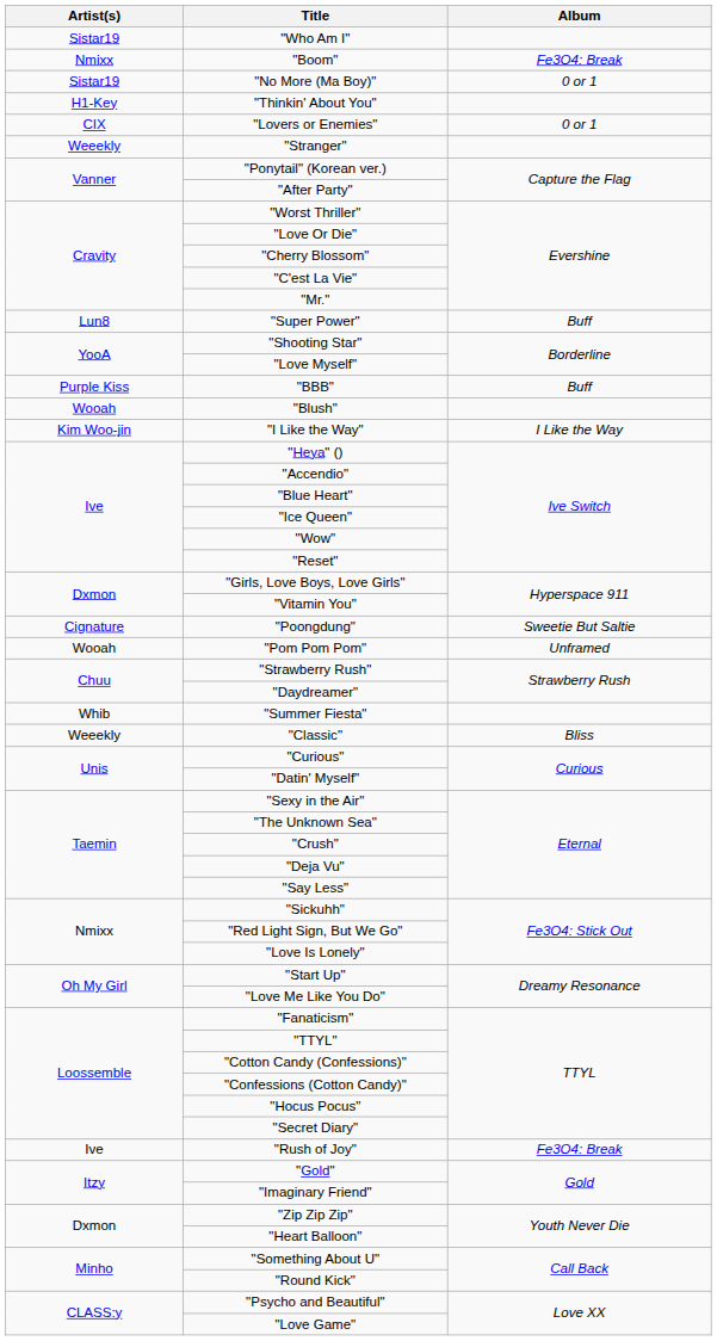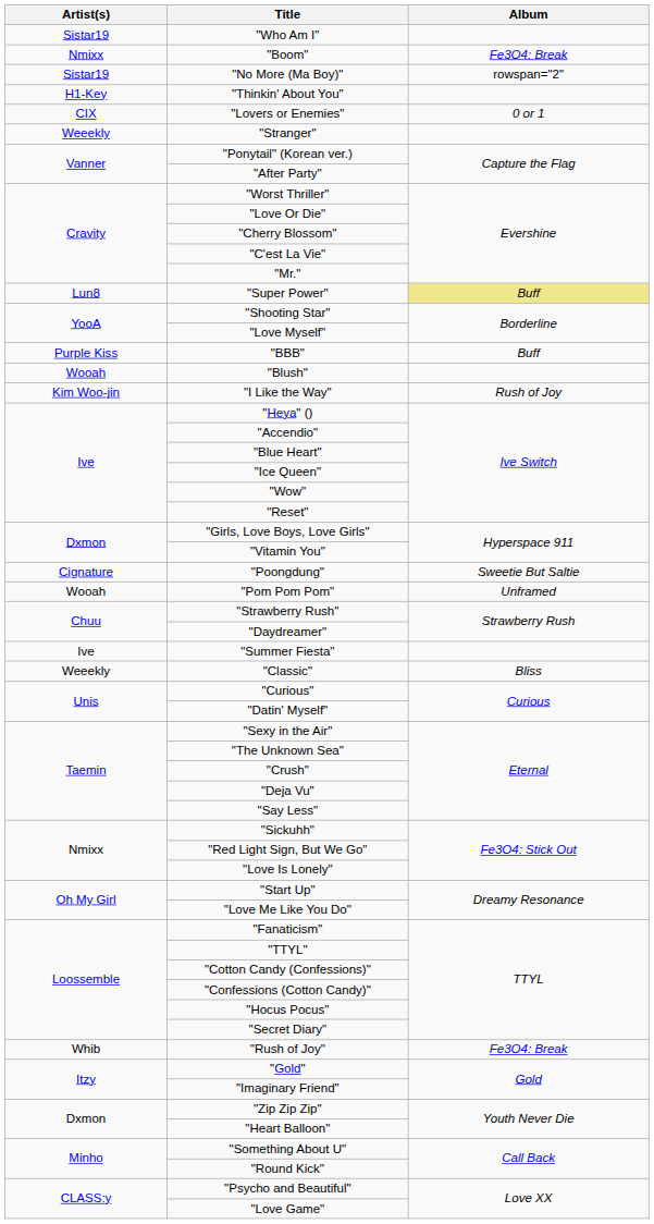 <table class="wikitable plainrowheaders" style="text-align:center">
 <tr>
 <th width="200px">Artist(s)</th>
 <th width="300px">Title</th>
 <th width="300px">Album</th>
 </tr>
 <tr>
 <td><a href='#'>Sistar19</a></td>
 <td>"Who Am I"</td>
 <td></td>
 </tr>
 <tr>
 <td><a href='#'>Nmixx</a></td>
 <td>"Boom"</td>
 <td><em><a href='#'>Fe3O4: Break</a></em></td>
 </tr>
 <tr>
 <td><a href='#'>Sistar19</a></td>
 <td>"No More (Ma Boy)"</td>
-<td><em>0 or 1</em></td>
+<td>rowspan="2" </td>
 </tr>
 <tr>
 <td><a href='#'>H1-Key</a></td>
 <td>"Thinkin' About You"</td>
 </tr>
 <tr>
 <td><a href='#'>CIX</a></td>
 <td>"Lovers or Enemies"</td>
 <td><em>0 or 1</em></td>
 </tr>
 <tr>
 <td><a href='#'>Weeekly</a></td>
 <td>"Stranger"</td>
 <td></td>
 </tr>
 <tr>
 <td rowspan="2"><a href='#'>Vanner</a></td>
 <td>"Ponytail" (Korean ver.)</td>
 <td rowspan="2"><em>Capture the Flag</em></td>
 </tr>
 <tr>
 <td>"After Party"</td>
 </tr>
 <tr>
 <td rowspan="5"><a href='#'>Cravity</a></td>
 <td>"Worst Thriller"</td>
 <td rowspan="5"><em>Evershine</em></td>
 </tr>
 <tr>
 <td>"Love Or Die"</td>
 </tr>
 <tr>
 <td>"Cherry Blossom"</td>
 </tr>
 <tr>
 <td>"C'est La Vie"</td>
 </tr>
 <tr>
 <td>"Mr."</td>
 </tr>
 <tr>
 <td><a href='#'>Lun8</a></td>
 <td>"Super Power"</td>
-<td><em>Buff</em></td>
+<td style="background: khaki;"><em>Buff</em></td>
 </tr>
 <tr>
 <td rowspan="2"><a href='#'>YooA</a></td>
 <td>"Shooting Star"</td>
 <td rowspan="2"><em>Borderline</em></td>
 </tr>
 <tr>
 <td>"Love Myself"</td>
 </tr>
 <tr>
 <td><a href='#'>Purple Kiss</a></td>
 <td>"BBB"</td>
 <td><em>Buff</em></td>
 </tr>
 <tr>
 <td><a href='#'>Wooah</a></td>
 <td>"Blush"</td>
 <td></td>
 </tr>
 <tr>
 <td><a href='#'>Kim Woo-jin</a></td>
 <td>"I Like the Way"</td>
-<td><em>I Like the Way</em></td>
+<td><em>Rush of Joy</em></td>
 </tr>
 <tr>
 <td rowspan="6"><a href='#'>Ive</a></td>
 <td>"<a href='#'>Heya</a>" ()</td>
 <td rowspan="6"><em><a href='#'>Ive Switch</a></em></td>
 </tr>
 <tr>
 <td>"Accendio"</td>
 </tr>
 <tr>
 <td>"Blue Heart"</td>
 </tr>
 <tr>
 <td>"Ice Queen"</td>
 </tr>
 <tr>
 <td>"Wow"</td>
 </tr>
 <tr>
 <td>"Reset"</td>
 </tr>
 <tr>
 <td rowspan="2"><a href='#'>Dxmon</a></td>
 <td>"Girls, Love Boys, Love Girls"</td>
 <td rowspan="2"><em>Hyperspace 911</em></td>
 </tr>
 <tr>
 <td>"Vitamin You"</td>
 </tr>
 <tr>
 <td><a href='#'>Cignature</a></td>
 <td>"Poongdung"</td>
 <td><em>Sweetie But Saltie</em></td>
 </tr>
 <tr>
 <td>Wooah</td>
 <td>"Pom Pom Pom"</td>
 <td><em>Unframed</em></td>
 </tr>
 <tr>
 <td rowspan="2"><a href='#'>Chuu</a></td>
 <td>"Strawberry Rush"</td>
 <td rowspan="2"><em>Strawberry Rush</em></td>
 </tr>
 <tr>
 <td>"Daydreamer"</td>
 </tr>
 <tr>
-<td>Whib</td>
+<td>Ive</td>
 <td>"Summer Fiesta"</td>
 <td></td>
 </tr>
 <tr>
 <td>Weeekly</td>
 <td>"Classic"</td>
 <td><em>Bliss</em></td>
 </tr>
 <tr>
 <td rowspan="2"><a href='#'>Unis</a></td>
 <td>"Curious"</td>
 <td rowspan="2"><em><a href='#'>Curious</a></em></td>
 </tr>
 <tr>
 <td>"Datin' Myself"</td>
 </tr>
 <tr>
 <td rowspan="5"><a href='#'>Taemin</a></td>
 <td>"Sexy in the Air"</td>
 <td rowspan="5"><em><a href='#'>Eternal</a></em></td>
 </tr>
 <tr>
 <td>"The Unknown Sea"</td>
 </tr>
 <tr>
 <td>"Crush"</td>
 </tr>
 <tr>
 <td>"Deja Vu"</td>
 </tr>
 <tr>
 <td>"Say Less"</td>
 </tr>
 <tr>
 <td rowspan="3">Nmixx</td>
 <td>"Sickuhh"</td>
 <td rowspan="3"><em><a href='#'>Fe3O4: Stick Out</a></em></td>
 </tr>
 <tr>
 <td>"Red Light Sign, But We Go"</td>
 </tr>
 <tr>
 <td>"Love Is Lonely"</td>
 </tr>
 <tr>
 <td rowspan="2"><a href='#'>Oh My Girl</a></td>
 <td>"Start Up"</td>
 <td rowspan="2"><em>Dreamy Resonance</em></td>
 </tr>
 <tr>
 <td>"Love Me Like You Do"</td>
 </tr>
 <tr>
 <td rowspan="6"><a href='#'>Loossemble</a></td>
 <td>"Fanaticism"</td>
 <td rowspan="6"><em>TTYL</em></td>
 </tr>
 <tr>
 <td>"TTYL"</td>
 </tr>
 <tr>
 <td>"Cotton Candy (Confessions)"</td>
 </tr>
 <tr>
 <td>"Confessions (Cotton Candy)"</td>
 </tr>
 <tr>
 <td>"Hocus Pocus"</td>
 </tr>
 <tr>
 <td>"Secret Diary"</td>
 </tr>
 <tr>
-<td>Ive</td>
+<td>Whib</td>
 <td>"Rush of Joy"</td>
 <td><em><a href='#'>Fe3O4: Break</a></em></td>
 </tr>
 <tr>
 <td rowspan="2"><a href='#'>Itzy</a></td>
 <td>"<a href='#'>Gold</a>"</td>
 <td rowspan="2"><em><a href='#'>Gold</a></em></td>
 </tr>
 <tr>
 <td>"Imaginary Friend"</td>
 </tr>
 <tr>
 <td rowspan="2">Dxmon</td>
 <td>"Zip Zip Zip"</td>
 <td rowspan="2"><em>Youth Never Die</em></td>
 </tr>
 <tr>
 <td>"Heart Balloon"</td>
 </tr>
 <tr>
 <td rowspan="2"><a href='#'>Minho</a></td>
 <td>"Something About U"</td>
 <td rowspan="2"><em><a href='#'>Call Back</a></em></td>
 </tr>
 <tr>
 <td>"Round Kick"</td>
 </tr>
 <tr>
 <td rowspan="2"><a href='#'>CLASS:y</a></td>
 <td>"Psycho and Beautiful"</td>
 <td rowspan="2"><em>Love XX</em></td>
 </tr>
 <tr>
 <td>"Love Game"</td>
 </tr>
 </table>
